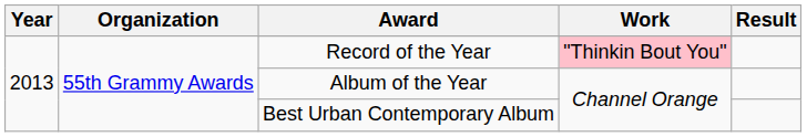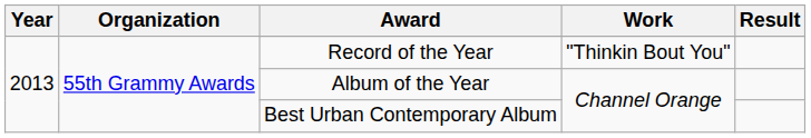 <table class="wikitable plainrowheaders" style="text-align:center;">
 <tr>
 <th>Year</th>
 <th>Organization</th>
 <th>Award</th>
 <th>Work</th>
 <th>Result</th>
 </tr>
 <tr>
 <td rowspan="4">2013</td>
 <td rowspan="4"><a href='#'>55th Grammy Awards</a></td>
 </tr>
 <tr>
 <td>Record of the Year</td>
-<td style="background: pink;">"Thinkin Bout You"</td>
+<td>"Thinkin Bout You"</td>
 <td></td>
 </tr>
 <tr>
 <td>Album of the Year</td>
 <td rowspan="2"><em>Channel Orange</em></td>
 <td></td>
 </tr>
 <tr>
 <td>Best Urban Contemporary Album</td>
 <td></td>
 </tr>
 </table>
